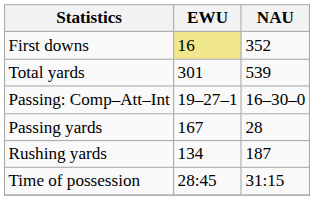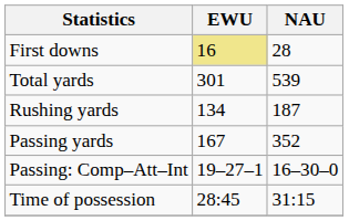 <table class="wikitable" style="float: left;">
 <tr>
 <th>Statistics</th>
 <th>EWU</th>
 <th>NAU</th>
 </tr>
 <tr>
 <td>First downs</td>
 <td style="background: khaki;">16</td>
-<td>352</td>
+<td>28</td>
 </tr>
 <tr>
 <td>Total yards</td>
 <td>301</td>
 <td>539</td>
 </tr>
 <tr>
-<td>Passing: Comp–Att–Int</td>
-<td>19–27–1</td>
-<td>16–30–0</td>
+<td>Rushing yards</td>
+<td>134</td>
+<td>187</td>
 </tr>
 <tr>
 <td>Passing yards</td>
 <td>167</td>
-<td>28</td>
+<td>352</td>
 </tr>
 <tr>
-<td>Rushing yards</td>
-<td>134</td>
-<td>187</td>
+<td>Passing: Comp–Att–Int</td>
+<td>19–27–1</td>
+<td>16–30–0</td>
 </tr>
 <tr>
 <td>Time of possession</td>
 <td>28:45</td>
 <td>31:15</td>
 </tr>
 <tr>
 </tr>
 </table>
